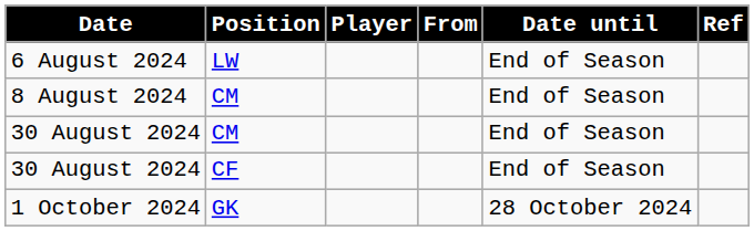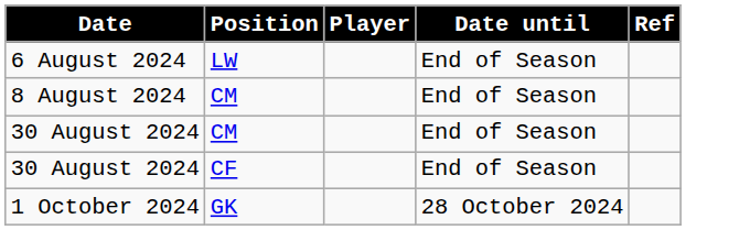 <table class="wikitable plainrowheaders sortable">
 <tr>
 <th style="background:black; color:#FFFFFF;">Date</th>
 <th style="background:black; color:#FFFFFF;">Position</th>
 <th style="background:black; color:#FFFFFF;">Player</th>
-<th style="background:black; color:#FFFFFF;">From</th>
 <th style="background:black; color:#FFFFFF;">Date until</th>
 <th style="background:black; color:#FFFFFF;">Ref</th>
 </tr>
 <tr>
 <td>6 August 2024</td>
 <td><a href='#'>LW</a></td>
-<td></td>
 <td></td>
 <td>End of Season</td>
 <td></td>
 </tr>
 <tr>
 <td>8 August 2024</td>
 <td><a href='#'>CM</a></td>
 <td></td>
-<td></td>
 <td>End of Season</td>
 <td></td>
 </tr>
 <tr>
 <td>30 August 2024</td>
 <td><a href='#'>CM</a></td>
-<td></td>
 <td></td>
 <td>End of Season</td>
 <td></td>
 </tr>
 <tr>
 <td>30 August 2024</td>
 <td><a href='#'>CF</a></td>
 <td></td>
-<td></td>
 <td>End of Season</td>
 <td></td>
 </tr>
 <tr>
 <td>1 October 2024</td>
 <td><a href='#'>GK</a></td>
 <td></td>
-<td></td>
 <td>28 October 2024</td>
 <td></td>
 </tr>
 </table>
